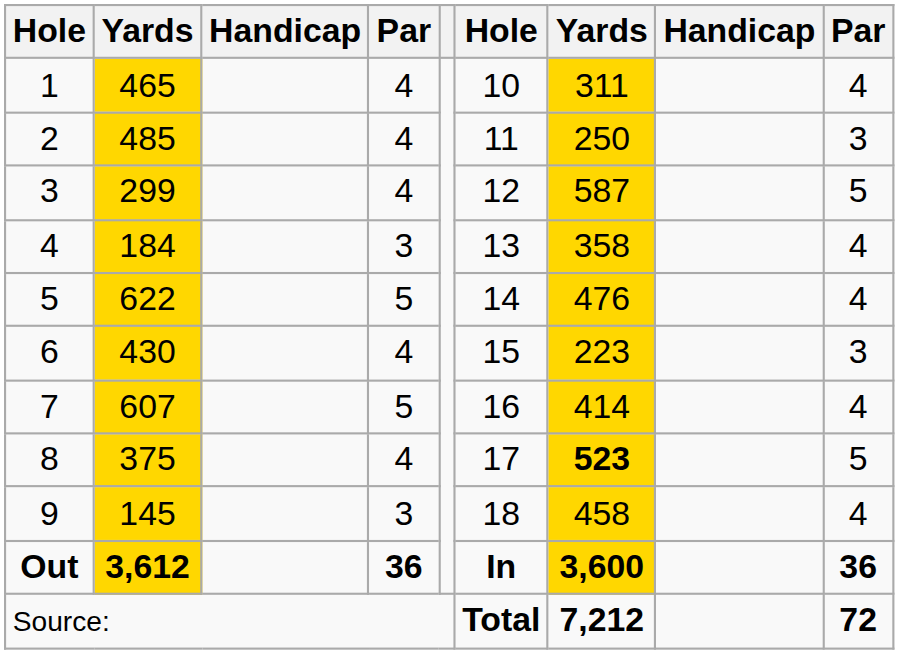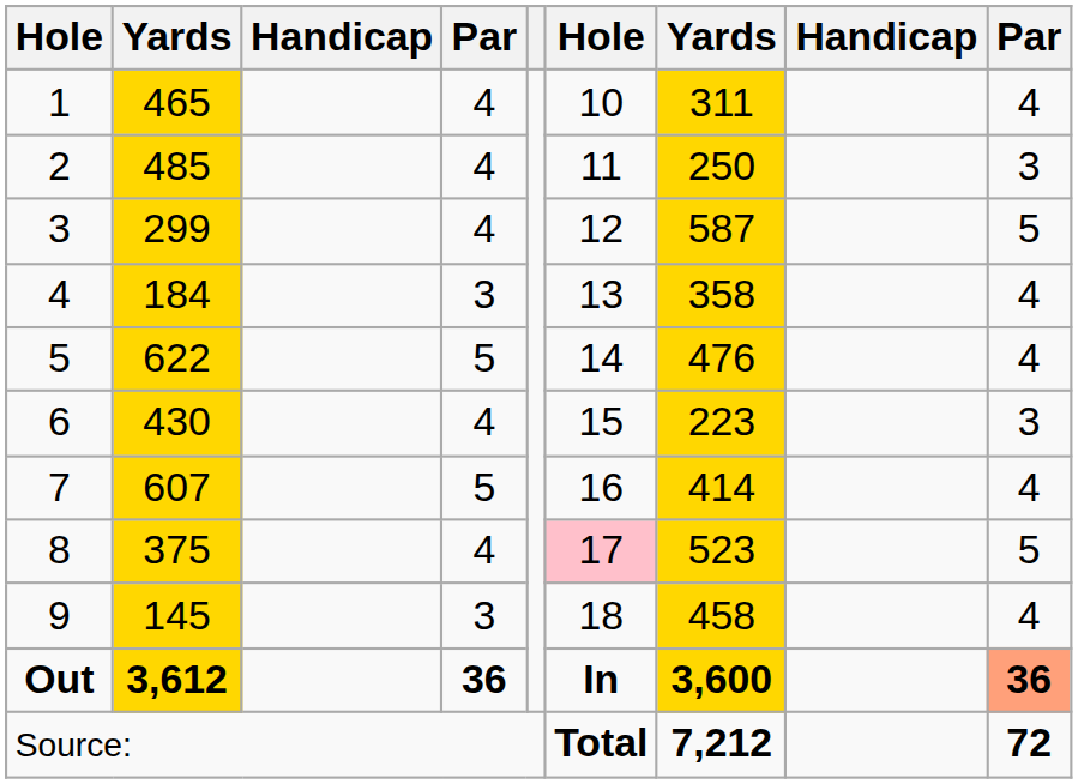 <table class=wikitable style="text-align: center">
 <tr>
 <th>Hole</th>
 <th>Yards</th>
 <th>Handicap</th>
 <th>Par</th>
 <th></th>
 <th>Hole</th>
 <th>Yards</th>
 <th>Handicap</th>
 <th>Par</th>
 </tr>
 <tr>
 <td>1</td>
 <td bgcolor="gold">465</td>
 <td></td>
 <td>4</td>
 <td rowspan=10></td>
 <td>10</td>
 <td bgcolor="gold">311</td>
 <td></td>
 <td>4</td>
 </tr>
 <tr>
 <td>2</td>
 <td bgcolor="gold">485</td>
 <td></td>
 <td>4</td>
 <td>11</td>
 <td bgcolor="gold">250</td>
 <td></td>
 <td>3</td>
 </tr>
 <tr>
 <td>3</td>
 <td bgcolor="gold">299</td>
 <td></td>
 <td>4</td>
 <td>12</td>
 <td bgcolor="gold">587</td>
 <td></td>
 <td>5</td>
 </tr>
 <tr>
 <td>4</td>
 <td bgcolor="gold">184</td>
 <td></td>
 <td>3</td>
 <td>13</td>
 <td bgcolor="gold">358</td>
 <td></td>
 <td>4</td>
 </tr>
 <tr>
 <td>5</td>
 <td bgcolor="gold">622</td>
 <td></td>
 <td>5</td>
 <td>14</td>
 <td bgcolor="gold">476</td>
 <td></td>
 <td>4</td>
 </tr>
 <tr>
 <td>6</td>
 <td bgcolor="gold">430</td>
 <td></td>
 <td>4</td>
 <td>15</td>
 <td bgcolor="gold">223</td>
 <td></td>
 <td>3</td>
 </tr>
 <tr>
 <td>7</td>
 <td bgcolor="gold">607</td>
 <td></td>
 <td>5</td>
 <td>16</td>
 <td bgcolor="gold">414</td>
 <td></td>
 <td>4</td>
 </tr>
 <tr>
 <td>8</td>
 <td bgcolor="gold">375</td>
 <td></td>
 <td>4</td>
-<td>17</td>
-<td bgcolor="gold"><strong>523</strong></td>
+<td style="background: pink;">17</td>
+<td bgcolor="gold">523</td>
 <td></td>
 <td>5</td>
 </tr>
 <tr>
 <td>9</td>
 <td bgcolor="gold">145</td>
 <td></td>
 <td>3</td>
 <td>18</td>
 <td bgcolor="gold">458</td>
 <td></td>
 <td>4</td>
 </tr>
 <tr>
 <td colspan=1><strong>Out</strong></td>
 <td bgcolor="gold"><strong>3,612</strong></td>
 <td></td>
 <td><strong>36</strong></td>
 <td colspan=1><strong>In</strong></td>
 <td bgcolor="gold"><strong>3,600</strong></td>
 <td></td>
-<td><strong>36</strong></td>
+<td style="background: lightsalmon;"><strong>36</strong></td>
 </tr>
 <tr>
 <td colspan=5 align=left><small>Source:</small></td>
 <td colspan=1><strong>Total</strong></td>
 <td><strong>7,212</strong></td>
 <td></td>
 <td><strong>72</strong></td>
 </tr>
 </table>
